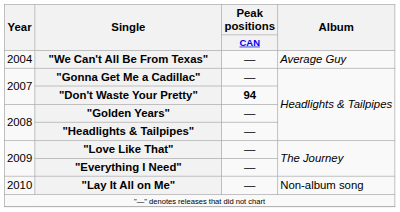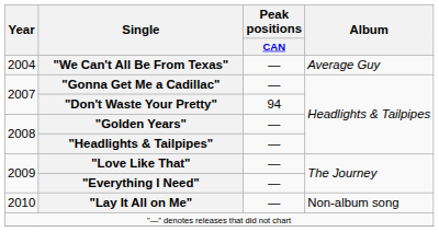 <table class="wikitable plainrowheaders" style="text-align:center;">
 <tr>
 <th rowspan="2">Year</th>
 <th rowspan="2" style="width:16em;">Single</th>
 <th colspan="1">Peak positions</th>
 <th rowspan="2">Album</th>
 </tr>
 <tr style="font-size:smaller;">
 <th width="65"><a href='#'>CAN</a></th>
 </tr>
 <tr>
 <td>2004</td>
 <th scope="row">"We Can't All Be From Texas"</th>
 <td>—</td>
 <td align="left"><em>Average Guy</em></td>
 </tr>
 <tr>
 <td rowspan="2">2007</td>
 <th scope="row">"Gonna Get Me a Cadillac"</th>
 <td>—</td>
 <td align="left" rowspan="4"><em>Headlights & Tailpipes</em></td>
 </tr>
 <tr>
 <th scope="row">"Don't Waste Your Pretty"</th>
-<td><strong>94</strong></td>
+<td>94</td>
 </tr>
 <tr>
 <td rowspan="2">2008</td>
 <th scope="row">"Golden Years"</th>
 <td>—</td>
 </tr>
 <tr>
 <th scope="row">"Headlights & Tailpipes"</th>
 <td>—</td>
 </tr>
 <tr>
 <td rowspan="2">2009</td>
 <th scope="row">"Love Like That"</th>
 <td>—</td>
 <td align="left" rowspan="2"><em>The Journey</em></td>
 </tr>
 <tr>
 <th scope="row">"Everything I Need"</th>
 <td>—</td>
 </tr>
 <tr>
 <td>2010</td>
 <th scope="row">"Lay It All on Me"</th>
 <td>—</td>
 <td align="left">Non-album song</td>
 </tr>
 <tr>
 <td colspan="4" style="font-size:8pt">"—" denotes releases that did not chart</td>
 </tr>
 <tr>
 </tr>
 </table>
